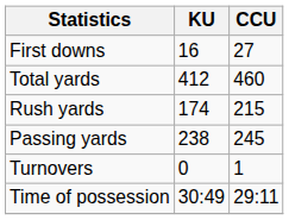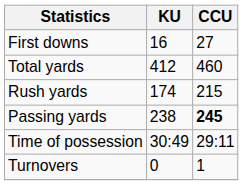 <table class="wikitable" style="float: left;">
 <tr>
 <th>Statistics</th>
 <th>KU</th>
 <th>CCU</th>
 </tr>
 <tr>
 <td>First downs</td>
 <td>16</td>
 <td>27</td>
 </tr>
 <tr>
 <td>Total yards</td>
 <td>412</td>
 <td>460</td>
 </tr>
 <tr>
 <td>Rush yards</td>
 <td>174</td>
 <td>215</td>
 </tr>
 <tr>
 <td>Passing yards</td>
 <td>238</td>
-<td>245</td>
+<td><strong>245</strong></td>
+</tr>
+<tr>
+<td>Time of possession</td>
+<td>30:49</td>
+<td>29:11</td>
 </tr>
 <tr>
 <td>Turnovers</td>
 <td>0</td>
 <td>1</td>
 </tr>
 <tr>
-<td>Time of possession</td>
-<td>30:49</td>
-<td>29:11</td>
-</tr>
-<tr>
 </tr>
 </table>
